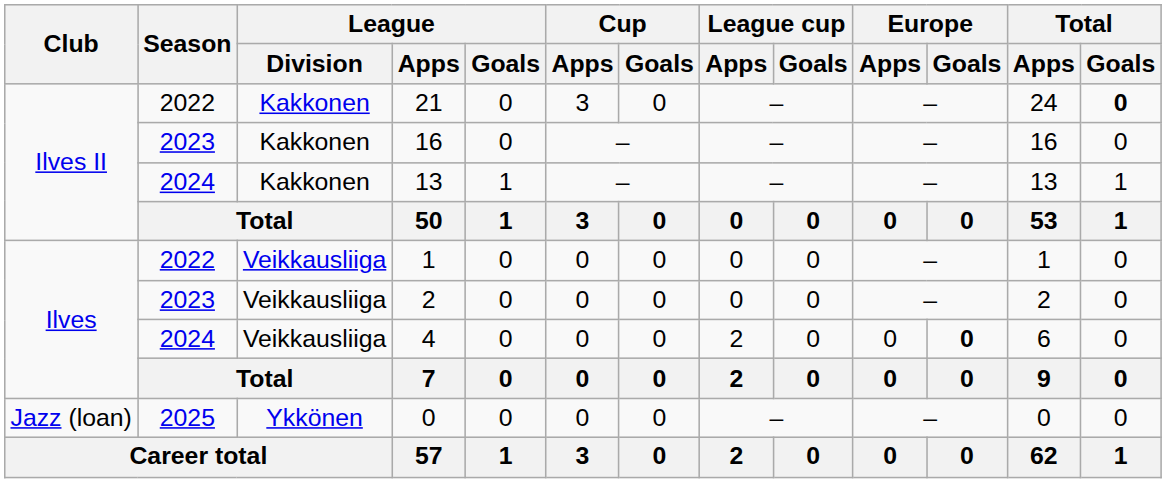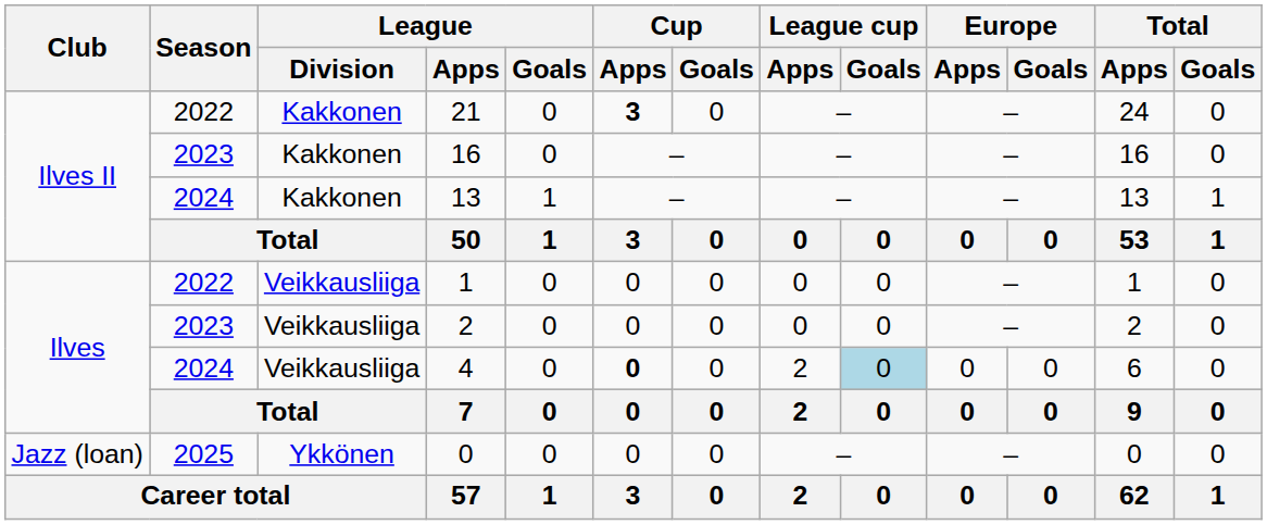 <table class="wikitable" style="text-align:center">
 <tr>
 <th rowspan="2">Club</th>
 <th rowspan="2">Season</th>
 <th colspan="3">League</th>
 <th colspan="2">Cup</th>
 <th colspan="2">League cup</th>
 <th colspan="2">Europe</th>
 <th colspan="2">Total</th>
 </tr>
 <tr>
 <th>Division</th>
 <th>Apps</th>
 <th>Goals</th>
 <th>Apps</th>
 <th>Goals</th>
 <th>Apps</th>
 <th>Goals</th>
 <th>Apps</th>
 <th>Goals</th>
 <th>Apps</th>
 <th>Goals</th>
 </tr>
 <tr>
 <td rowspan=4><a href='#'>Ilves II</a></td>
 <td>2022</td>
 <td><a href='#'>Kakkonen</a></td>
 <td>21</td>
 <td>0</td>
-<td>3</td>
+<td><strong>3</strong></td>
 <td>0</td>
 <td colspan=2>–</td>
 <td colspan=2>–</td>
 <td>24</td>
-<td><strong>0</strong></td>
+<td>0</td>
 </tr>
 <tr>
 <td><a href='#'>2023</a></td>
 <td>Kakkonen</td>
 <td>16</td>
 <td>0</td>
 <td colspan=2>–</td>
 <td colspan=2>–</td>
 <td colspan=2>–</td>
 <td>16</td>
 <td>0</td>
 </tr>
 <tr>
 <td><a href='#'>2024</a></td>
 <td>Kakkonen</td>
 <td>13</td>
 <td>1</td>
 <td colspan=2>–</td>
 <td colspan=2>–</td>
 <td colspan=2>–</td>
 <td>13</td>
 <td>1</td>
 </tr>
 <tr>
 <th colspan=2>Total</th>
 <th>50</th>
 <th>1</th>
 <th>3</th>
 <th>0</th>
 <th>0</th>
 <th>0</th>
 <th>0</th>
 <th>0</th>
 <th>53</th>
 <th>1</th>
 </tr>
 <tr>
 <td rowspan=4><a href='#'>Ilves</a></td>
 <td><a href='#'>2022</a></td>
 <td><a href='#'>Veikkausliiga</a></td>
 <td>1</td>
 <td>0</td>
 <td>0</td>
 <td>0</td>
 <td>0</td>
 <td>0</td>
 <td colspan=2>–</td>
 <td>1</td>
 <td>0</td>
 </tr>
 <tr>
 <td><a href='#'>2023</a></td>
 <td>Veikkausliiga</td>
 <td>2</td>
 <td>0</td>
 <td>0</td>
 <td>0</td>
 <td>0</td>
 <td>0</td>
 <td colspan=2>–</td>
 <td>2</td>
 <td>0</td>
 </tr>
 <tr>
 <td><a href='#'>2024</a></td>
 <td>Veikkausliiga</td>
 <td>4</td>
 <td>0</td>
+<td><strong>0</strong></td>
+<td>0</td>
+<td>2</td>
+<td style="background: lightblue;">0</td>
 <td>0</td>
 <td>0</td>
-<td>2</td>
-<td>0</td>
-<td>0</td>
-<td><strong>0</strong></td>
 <td>6</td>
 <td>0</td>
 </tr>
 <tr>
 <th colspan=2>Total</th>
 <th>7</th>
 <th>0</th>
 <th>0</th>
 <th>0</th>
 <th>2</th>
 <th>0</th>
 <th>0</th>
 <th>0</th>
 <th>9</th>
 <th>0</th>
 </tr>
 <tr>
 <td><a href='#'>Jazz</a> (loan)</td>
 <td><a href='#'>2025</a></td>
 <td><a href='#'>Ykkönen</a></td>
 <td>0</td>
 <td>0</td>
 <td>0</td>
 <td>0</td>
 <td colspan=2>–</td>
 <td colspan=2>–</td>
 <td>0</td>
 <td>0</td>
 </tr>
 <tr>
 <th colspan="3">Career total</th>
 <th>57</th>
 <th>1</th>
 <th>3</th>
 <th>0</th>
 <th>2</th>
 <th>0</th>
 <th>0</th>
 <th>0</th>
 <th>62</th>
 <th>1</th>
 </tr>
 </table>
